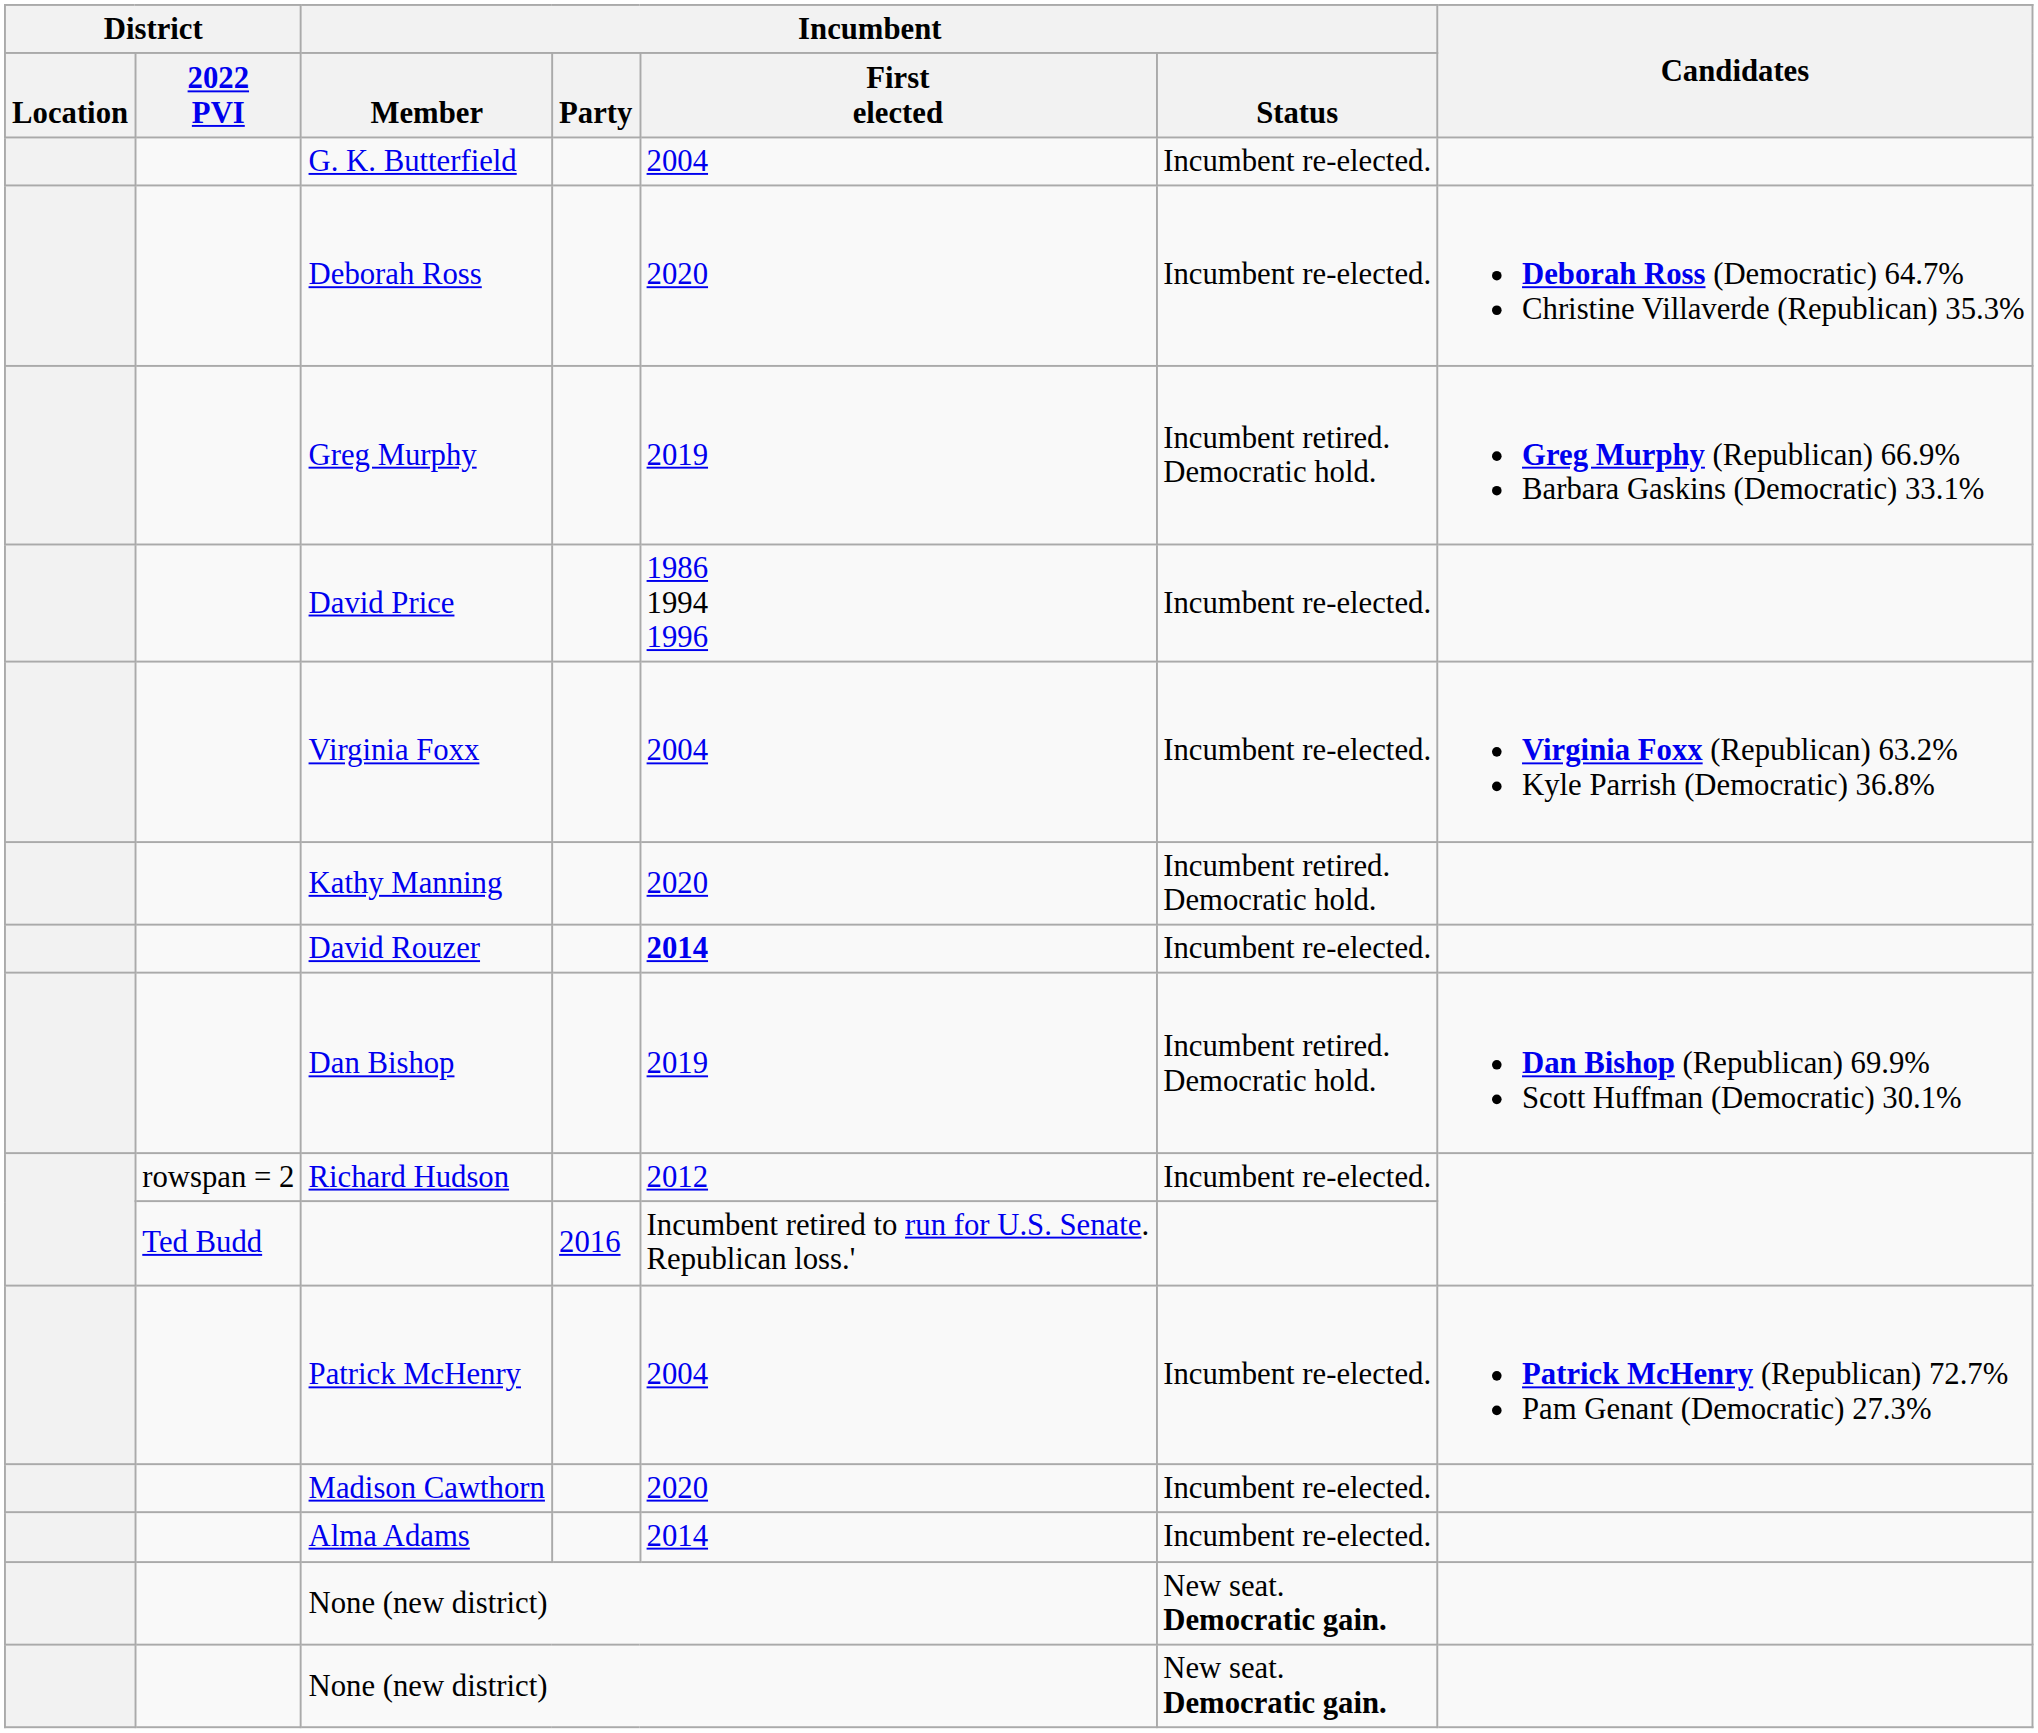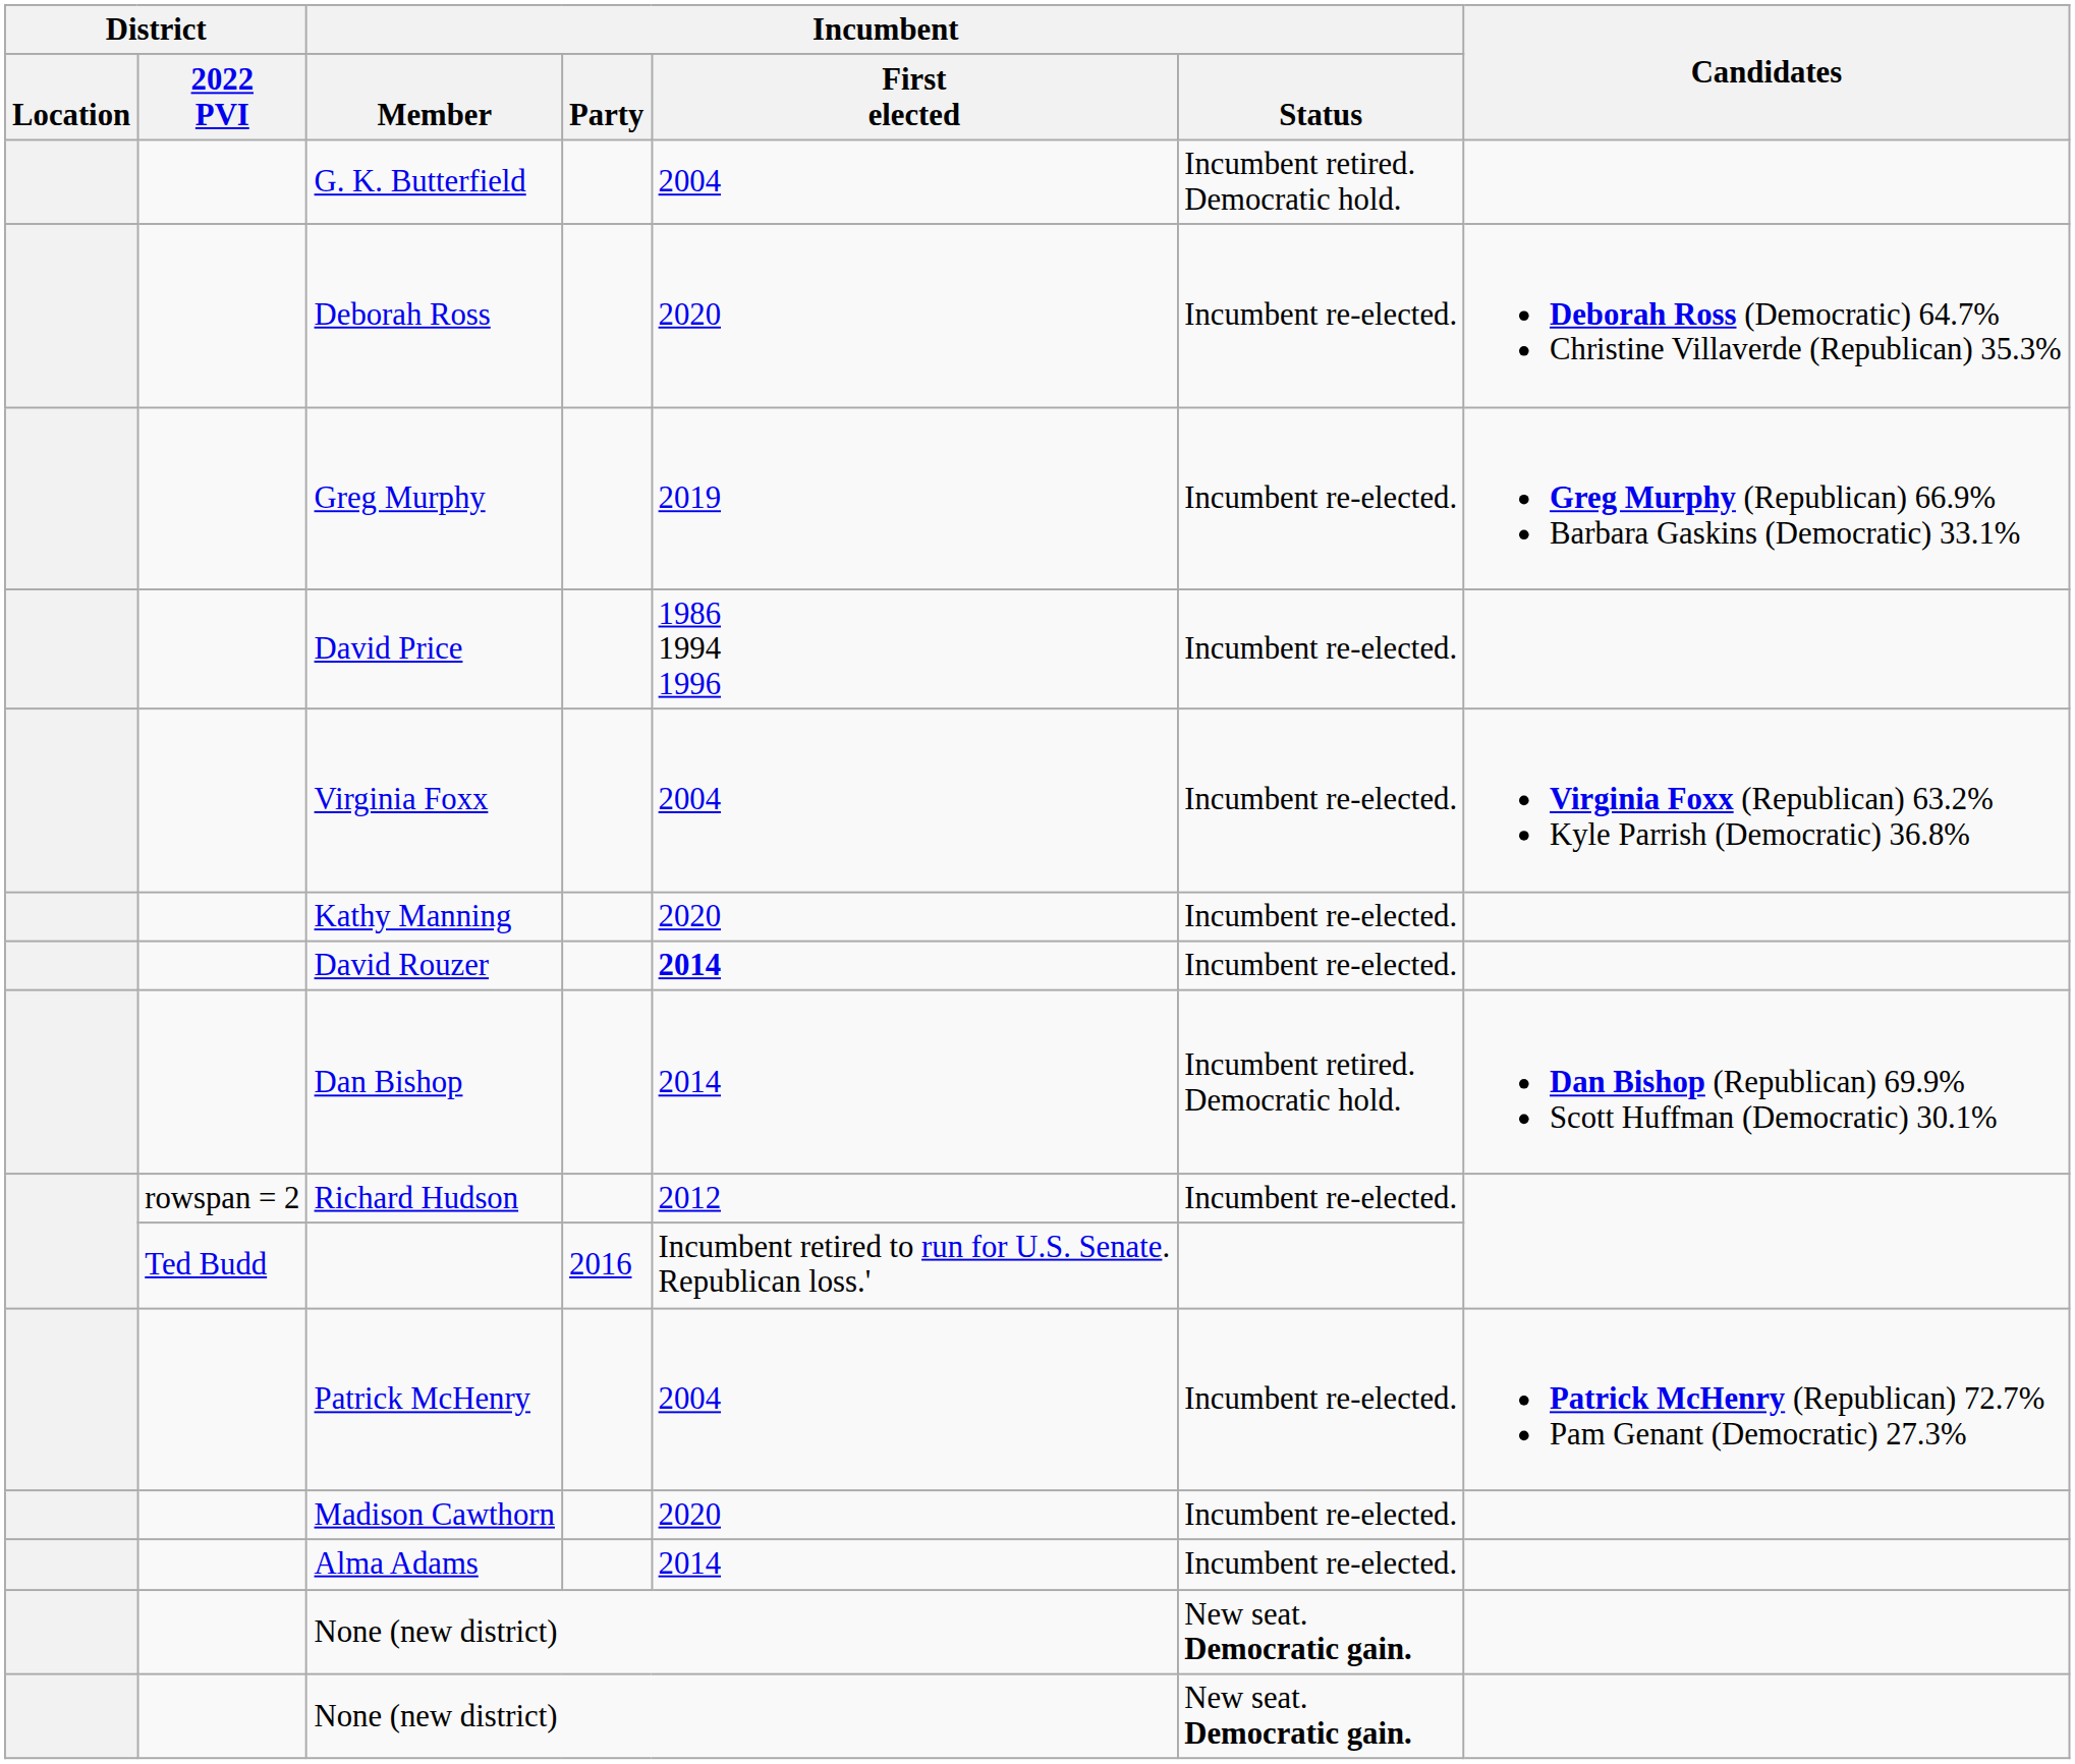 <table class="wikitable sortable">
 <tr>
 <th colspan=2>District</th>
 <th colspan=4>Incumbent</th>
 <th rowspan=2 class="unsortable">Candidates</th>
 </tr>
 <tr valign=bottom>
 <th>Location</th>
 <th><a href='#'>2022<br>PVI</a></th>
 <th>Member</th>
 <th>Party</th>
 <th>First<br>elected</th>
 <th>Status</th>
 </tr>
 <tr>
 <th></th>
 <td></td>
 <td><a href='#'>G. K. Butterfield</a></td>
 <td></td>
 <td><a href='#'>2004 </a></td>
-<td>Incumbent re-elected.</td>
+<td>Incumbent retired.<br>Democratic hold.</td>
 <td nowrap></td>
 </tr>
 <tr>
 <th></th>
 <td></td>
 <td><a href='#'>Deborah Ross</a></td>
 <td></td>
 <td><a href='#'>2020</a></td>
 <td>Incumbent re-elected.</td>
 <td nowrap><br><ul><li> <strong><a href='#'>Deborah Ross</a></strong> (Democratic) 64.7%</li><li>Christine Villaverde (Republican) 35.3%</li></ul></td>
 </tr>
 <tr>
 <th></th>
 <td></td>
 <td><a href='#'>Greg Murphy</a></td>
 <td></td>
 <td><a href='#'>2019 </a></td>
-<td>Incumbent retired.<br>Democratic hold.</td>
+<td>Incumbent re-elected.</td>
 <td nowrap><br><ul><li> <strong><a href='#'>Greg Murphy</a></strong> (Republican) 66.9%</li><li>Barbara Gaskins (Democratic) 33.1%</li></ul></td>
 </tr>
 <tr>
 <th></th>
 <td></td>
 <td><a href='#'>David Price</a></td>
 <td></td>
 <td><a href='#'>1986</a><br>1994 <br><a href='#'>1996</a></td>
 <td>Incumbent re-elected.</td>
 <td nowrap></td>
 </tr>
 <tr>
 <th></th>
 <td></td>
 <td><a href='#'>Virginia Foxx</a></td>
 <td></td>
 <td><a href='#'>2004</a></td>
 <td>Incumbent re-elected.</td>
 <td nowrap><br><ul><li> <strong><a href='#'>Virginia Foxx</a></strong> (Republican) 63.2%</li><li>Kyle Parrish (Democratic) 36.8%</li></ul></td>
 </tr>
 <tr>
 <th></th>
 <td></td>
 <td><a href='#'>Kathy Manning</a></td>
 <td></td>
 <td><a href='#'>2020</a></td>
-<td>Incumbent retired.<br>Democratic hold.</td>
+<td>Incumbent re-elected.</td>
 <td nowrap></td>
 </tr>
 <tr>
 <th></th>
 <td></td>
 <td><a href='#'>David Rouzer</a></td>
 <td></td>
 <td><strong><a href='#'>2014</a></strong></td>
 <td>Incumbent re-elected.</td>
 <td nowrap></td>
 </tr>
 <tr>
 <th></th>
 <td></td>
 <td><a href='#'>Dan Bishop</a><br></td>
 <td></td>
-<td><a href='#'>2019 </a></td>
+<td><a href='#'>2014 </a></td>
 <td>Incumbent retired.<br>Democratic hold.</td>
 <td><br><ul><li> <strong><a href='#'>Dan Bishop</a></strong> (Republican) 69.9%</li><li>Scott Huffman (Democratic) 30.1%</li></ul></td>
 </tr>
 <tr>
 <th rowspan = 2></th>
 <td>rowspan = 2 </td>
 <td><a href='#'>Richard Hudson</a><br></td>
 <td></td>
 <td><a href='#'>2012</a></td>
 <td>Incumbent re-elected.</td>
 <td rowspan = 2 nowrap></td>
 </tr>
 <tr>
 <td><a href='#'>Ted Budd</a><br></td>
 <td></td>
 <td><a href='#'>2016</a></td>
 <td>Incumbent retired to <a href='#'>run for U.S. Senate</a>.<br>Republican loss.'</td>
 </tr>
 <tr>
 <th></th>
 <td></td>
 <td><a href='#'>Patrick McHenry</a></td>
 <td></td>
 <td><a href='#'>2004</a></td>
 <td>Incumbent re-elected.</td>
 <td nowrap><br><ul><li> <strong><a href='#'>Patrick McHenry</a></strong> (Republican) 72.7%</li><li>Pam Genant (Democratic) 27.3%</li></ul></td>
 </tr>
 <tr>
 <th></th>
 <td></td>
 <td><a href='#'>Madison Cawthorn</a></td>
 <td></td>
 <td><a href='#'>2020</a></td>
 <td>Incumbent re-elected.</td>
 <td nowrap></td>
 </tr>
 <tr>
 <th></th>
 <td></td>
 <td><a href='#'>Alma Adams</a></td>
 <td></td>
 <td><a href='#'>2014</a></td>
 <td>Incumbent re-elected.</td>
 <td nowrap></td>
 </tr>
 <tr>
 <th></th>
 <td></td>
 <td colspan=3>None (new district)</td>
 <td>New seat.<br><strong>Democratic gain.</strong></td>
 <td nowrap></td>
 </tr>
 <tr>
 <th></th>
 <td></td>
 <td colspan=3>None (new district)</td>
 <td>New seat.<br><strong>Democratic gain.</strong></td>
 <td nowrap></td>
 </tr>
 </table>
